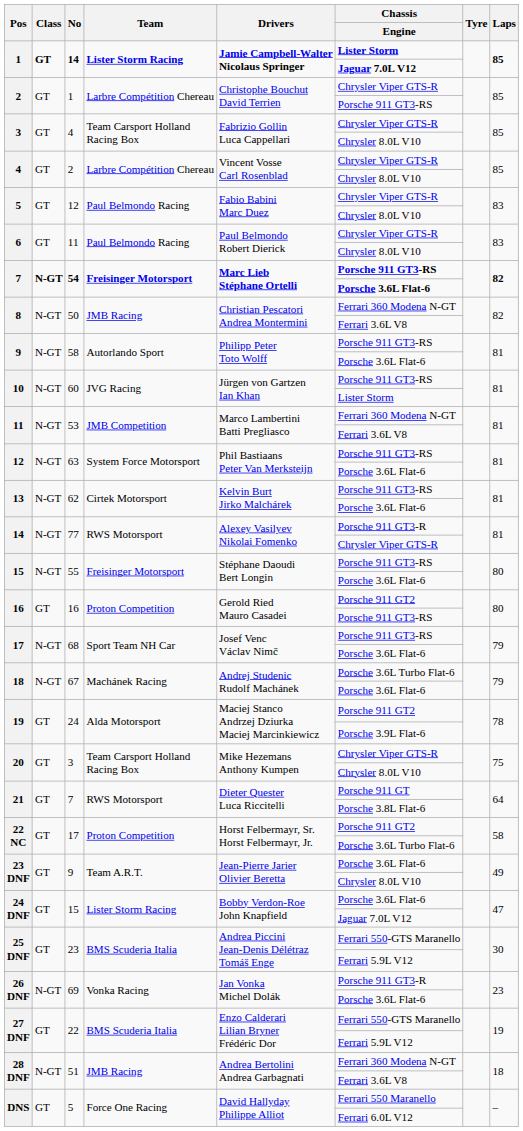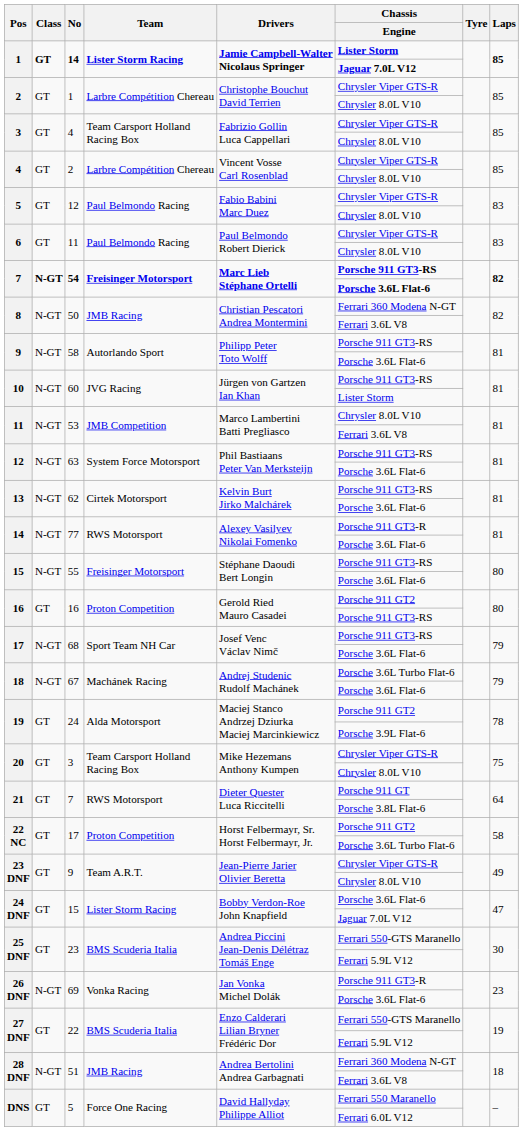 <table class="wikitable" style="font-size: 95%;">
 <tr>
 <th rowspan=2>Pos</th>
 <th rowspan=2>Class</th>
 <th rowspan=2>No</th>
 <th rowspan=2>Team</th>
 <th rowspan=2>Drivers</th>
 <th>Chassis</th>
 <th rowspan=2>Tyre</th>
 <th rowspan=2>Laps</th>
 </tr>
 <tr>
 <th>Engine</th>
 </tr>
 <tr style="font-weight:bold">
 <th rowspan=2>1</th>
 <td rowspan=2>GT</td>
 <td rowspan=2>14</td>
 <td rowspan=2> <a href='#'>Lister Storm Racing</a></td>
 <td rowspan=2> <a href='#'>Jamie Campbell-Walter</a><br> Nicolaus Springer</td>
 <td><a href='#'>Lister Storm</a></td>
 <td rowspan=2></td>
 <td rowspan=2>85</td>
 </tr>
 <tr style="font-weight:bold">
 <td><a href='#'>Jaguar</a> 7.0L V12</td>
 </tr>
 <tr>
 <th rowspan=2>2</th>
 <td rowspan=2>GT</td>
 <td rowspan=2>1</td>
 <td rowspan=2> <a href='#'>Larbre Compétition</a> Chereau</td>
 <td rowspan=2> <a href='#'>Christophe Bouchut</a><br> <a href='#'>David Terrien</a></td>
 <td><a href='#'>Chrysler Viper GTS-R</a></td>
 <td rowspan=2></td>
 <td rowspan=2>85</td>
 </tr>
 <tr>
-<td><a href='#'>Porsche 911 GT3</a>-RS</td>
+<td><a href='#'>Chrysler</a> 8.0L V10</td>
 </tr>
 <tr>
 <th rowspan=2>3</th>
 <td rowspan=2>GT</td>
 <td rowspan=2>4</td>
 <td rowspan=2> Team Carsport Holland<br> Racing Box</td>
 <td rowspan=2> <a href='#'>Fabrizio Gollin</a><br> Luca Cappellari</td>
 <td><a href='#'>Chrysler Viper GTS-R</a></td>
 <td rowspan=2></td>
 <td rowspan=2>85</td>
 </tr>
 <tr>
 <td><a href='#'>Chrysler</a> 8.0L V10</td>
 </tr>
 <tr>
 <th rowspan=2>4</th>
 <td rowspan=2>GT</td>
 <td rowspan=2>2</td>
 <td rowspan=2> <a href='#'>Larbre Compétition</a> Chereau</td>
 <td rowspan=2> Vincent Vosse<br> <a href='#'>Carl Rosenblad</a></td>
 <td><a href='#'>Chrysler Viper GTS-R</a></td>
 <td rowspan=2></td>
 <td rowspan=2>85</td>
 </tr>
 <tr>
 <td><a href='#'>Chrysler</a> 8.0L V10</td>
 </tr>
 <tr>
 <th rowspan=2>5</th>
 <td rowspan=2>GT</td>
 <td rowspan=2>12</td>
 <td rowspan=2> <a href='#'>Paul Belmondo</a> Racing</td>
 <td rowspan=2> <a href='#'>Fabio Babini</a><br> <a href='#'>Marc Duez</a></td>
 <td><a href='#'>Chrysler Viper GTS-R</a></td>
 <td rowspan=2></td>
 <td rowspan=2>83</td>
 </tr>
 <tr>
 <td><a href='#'>Chrysler</a> 8.0L V10</td>
 </tr>
 <tr>
 <th rowspan=2>6</th>
 <td rowspan=2>GT</td>
 <td rowspan=2>11</td>
 <td rowspan=2> <a href='#'>Paul Belmondo</a> Racing</td>
 <td rowspan=2> <a href='#'>Paul Belmondo</a><br> Robert Dierick</td>
 <td><a href='#'>Chrysler Viper GTS-R</a></td>
 <td rowspan=2></td>
 <td rowspan=2>83</td>
 </tr>
 <tr>
 <td><a href='#'>Chrysler</a> 8.0L V10</td>
 </tr>
 <tr style="font-weight:bold">
 <th rowspan=2>7</th>
 <td rowspan=2>N-GT</td>
 <td rowspan=2>54</td>
 <td rowspan=2> <a href='#'>Freisinger Motorsport</a></td>
 <td rowspan=2> <a href='#'>Marc Lieb</a><br> <a href='#'>Stéphane Ortelli</a></td>
 <td><a href='#'>Porsche 911 GT3</a>-RS</td>
 <td rowspan=2></td>
 <td rowspan=2>82</td>
 </tr>
 <tr style="font-weight:bold">
 <td><a href='#'>Porsche</a> 3.6L Flat-6</td>
 </tr>
 <tr>
 <th rowspan=2>8</th>
 <td rowspan=2>N-GT</td>
 <td rowspan=2>50</td>
 <td rowspan=2> <a href='#'>JMB Racing</a></td>
 <td rowspan=2> <a href='#'>Christian Pescatori</a><br> <a href='#'>Andrea Montermini</a></td>
 <td><a href='#'>Ferrari 360 Modena</a> N-GT</td>
 <td rowspan=2></td>
 <td rowspan=2>82</td>
 </tr>
 <tr>
 <td><a href='#'>Ferrari</a> 3.6L V8</td>
 </tr>
 <tr>
 <th rowspan=2>9</th>
 <td rowspan=2>N-GT</td>
 <td rowspan=2>58</td>
 <td rowspan=2> Autorlando Sport</td>
 <td rowspan=2> <a href='#'>Philipp Peter</a><br> <a href='#'>Toto Wolff</a></td>
 <td><a href='#'>Porsche 911 GT3</a>-RS</td>
 <td rowspan=2></td>
 <td rowspan=2>81</td>
 </tr>
 <tr>
 <td><a href='#'>Porsche</a> 3.6L Flat-6</td>
 </tr>
 <tr>
 <th rowspan=2>10</th>
 <td rowspan=2>N-GT</td>
 <td rowspan=2>60</td>
 <td rowspan=2> JVG Racing</td>
 <td rowspan=2> Jürgen von Gartzen<br> <a href='#'>Ian Khan</a></td>
 <td><a href='#'>Porsche 911 GT3</a>-RS</td>
 <td rowspan=2></td>
 <td rowspan=2>81</td>
 </tr>
 <tr>
 <td><a href='#'>Lister Storm</a></td>
 </tr>
 <tr>
 <th rowspan=2>11</th>
 <td rowspan=2>N-GT</td>
 <td rowspan=2>53</td>
 <td rowspan=2> <a href='#'>JMB Competition</a></td>
 <td rowspan=2> Marco Lambertini<br> Batti Pregliasco</td>
-<td><a href='#'>Ferrari 360 Modena</a> N-GT</td>
+<td><a href='#'>Chrysler</a> 8.0L V10</td>
 <td rowspan=2></td>
 <td rowspan=2>81</td>
 </tr>
 <tr>
 <td><a href='#'>Ferrari</a> 3.6L V8</td>
 </tr>
 <tr>
 <th rowspan=2>12</th>
 <td rowspan=2>N-GT</td>
 <td rowspan=2>63</td>
 <td rowspan=2> System Force Motorsport</td>
 <td rowspan=2> Phil Bastiaans<br> <a href='#'>Peter Van Merksteijn</a></td>
 <td><a href='#'>Porsche 911 GT3</a>-RS</td>
 <td rowspan=2></td>
 <td rowspan=2>81</td>
 </tr>
 <tr>
 <td><a href='#'>Porsche</a> 3.6L Flat-6</td>
 </tr>
 <tr>
 <th rowspan=2>13</th>
 <td rowspan=2>N-GT</td>
 <td rowspan=2>62</td>
 <td rowspan=2> Cirtek Motorsport</td>
 <td rowspan=2> <a href='#'>Kelvin Burt</a><br> <a href='#'>Jirko Malchárek</a></td>
 <td><a href='#'>Porsche 911 GT3</a>-RS</td>
 <td rowspan=2></td>
 <td rowspan=2>81</td>
 </tr>
 <tr>
 <td><a href='#'>Porsche</a> 3.6L Flat-6</td>
 </tr>
 <tr>
 <th rowspan=2>14</th>
 <td rowspan=2>N-GT</td>
 <td rowspan=2>77</td>
 <td rowspan=2> RWS Motorsport</td>
 <td rowspan=2> <a href='#'>Alexey Vasilyev</a><br> <a href='#'>Nikolai Fomenko</a></td>
 <td><a href='#'>Porsche 911 GT3</a>-R</td>
 <td rowspan=2></td>
 <td rowspan=2>81</td>
 </tr>
 <tr>
-<td><a href='#'>Chrysler Viper GTS-R</a></td>
+<td><a href='#'>Porsche</a> 3.6L Flat-6</td>
 </tr>
 <tr>
 <th rowspan=2>15</th>
 <td rowspan=2>N-GT</td>
 <td rowspan=2>55</td>
 <td rowspan=2> <a href='#'>Freisinger Motorsport</a></td>
 <td rowspan=2> Stéphane Daoudi<br> Bert Longin</td>
 <td><a href='#'>Porsche 911 GT3</a>-RS</td>
 <td rowspan=2></td>
 <td rowspan=2>80</td>
 </tr>
 <tr>
 <td><a href='#'>Porsche</a> 3.6L Flat-6</td>
 </tr>
 <tr>
 <th rowspan=2>16</th>
 <td rowspan=2>GT</td>
 <td rowspan=2>16</td>
 <td rowspan=2> <a href='#'>Proton Competition</a></td>
 <td rowspan=2> Gerold Ried<br> Mauro Casadei</td>
 <td><a href='#'>Porsche 911 GT2</a></td>
 <td rowspan=2></td>
 <td rowspan=2>80</td>
 </tr>
 <tr>
 <td><a href='#'>Porsche 911 GT3</a>-RS</td>
 </tr>
 <tr>
 <th rowspan=2>17</th>
 <td rowspan=2>N-GT</td>
 <td rowspan=2>68</td>
 <td rowspan=2> Sport Team NH Car</td>
 <td rowspan=2> Josef Venc<br> Václav Nimč</td>
 <td><a href='#'>Porsche 911 GT3</a>-RS</td>
 <td rowspan=2></td>
 <td rowspan=2>79</td>
 </tr>
 <tr>
 <td><a href='#'>Porsche</a> 3.6L Flat-6</td>
 </tr>
 <tr>
 <th rowspan=2>18</th>
 <td rowspan=2>N-GT</td>
 <td rowspan=2>67</td>
 <td rowspan=2> Machánek Racing</td>
 <td rowspan=2> <a href='#'>Andrej Studenic</a><br> Rudolf Machánek</td>
 <td><a href='#'>Porsche</a> 3.6L Turbo Flat-6</td>
 <td rowspan=2></td>
 <td rowspan=2>79</td>
 </tr>
 <tr>
 <td><a href='#'>Porsche</a> 3.6L Flat-6</td>
 </tr>
 <tr>
 <th rowspan=2>19</th>
 <td rowspan=2>GT</td>
 <td rowspan=2>24</td>
 <td rowspan=2> Alda Motorsport</td>
 <td rowspan=2> Maciej Stanco<br> Andrzej Dziurka<br> Maciej Marcinkiewicz</td>
 <td><a href='#'>Porsche 911 GT2</a></td>
 <td rowspan=2></td>
 <td rowspan=2>78</td>
 </tr>
 <tr>
 <td><a href='#'>Porsche</a> 3.9L Flat-6</td>
 </tr>
 <tr>
 <th rowspan=2>20</th>
 <td rowspan=2>GT</td>
 <td rowspan=2>3</td>
 <td rowspan=2> Team Carsport Holland<br> Racing Box</td>
 <td rowspan=2> Mike Hezemans<br> Anthony Kumpen</td>
 <td><a href='#'>Chrysler Viper GTS-R</a></td>
 <td rowspan=2></td>
 <td rowspan=2>75</td>
 </tr>
 <tr>
 <td><a href='#'>Chrysler</a> 8.0L V10</td>
 </tr>
 <tr>
 <th rowspan=2>21</th>
 <td rowspan=2>GT</td>
 <td rowspan=2>7</td>
 <td rowspan=2> RWS Motorsport</td>
 <td rowspan=2> <a href='#'>Dieter Quester</a><br> Luca Riccitelli</td>
 <td><a href='#'>Porsche 911 GT</a></td>
 <td rowspan=2></td>
 <td rowspan=2>64</td>
 </tr>
 <tr>
 <td><a href='#'>Porsche</a> 3.8L Flat-6</td>
 </tr>
 <tr>
 <th rowspan=2>22<br>NC</th>
 <td rowspan=2>GT</td>
 <td rowspan=2>17</td>
 <td rowspan=2> <a href='#'>Proton Competition</a></td>
 <td rowspan=2> Horst Felbermayr, Sr.<br> Horst Felbermayr, Jr.</td>
 <td><a href='#'>Porsche 911 GT2</a></td>
 <td rowspan=2></td>
 <td rowspan=2>58</td>
 </tr>
 <tr>
 <td><a href='#'>Porsche</a> 3.6L Turbo Flat-6</td>
 </tr>
 <tr>
 <th rowspan=2>23<br>DNF</th>
 <td rowspan=2>GT</td>
 <td rowspan=2>9</td>
 <td rowspan=2> Team A.R.T.</td>
 <td rowspan=2> <a href='#'>Jean-Pierre Jarier</a><br> <a href='#'>Olivier Beretta</a></td>
-<td><a href='#'>Porsche</a> 3.6L Flat-6</td>
+<td><a href='#'>Chrysler Viper GTS-R</a></td>
 <td rowspan=2></td>
 <td rowspan=2>49</td>
 </tr>
 <tr>
 <td><a href='#'>Chrysler</a> 8.0L V10</td>
 </tr>
 <tr>
 <th rowspan=2>24<br>DNF</th>
 <td rowspan=2>GT</td>
 <td rowspan=2>15</td>
 <td rowspan=2> <a href='#'>Lister Storm Racing</a></td>
 <td rowspan=2> <a href='#'>Bobby Verdon-Roe</a><br> John Knapfield</td>
 <td><a href='#'>Porsche</a> 3.6L Flat-6</td>
 <td rowspan=2></td>
 <td rowspan=2>47</td>
 </tr>
 <tr>
 <td><a href='#'>Jaguar</a> 7.0L V12</td>
 </tr>
 <tr>
 <th rowspan=2>25<br>DNF</th>
 <td rowspan=2>GT</td>
 <td rowspan=2>23</td>
 <td rowspan=2> <a href='#'>BMS Scuderia Italia</a></td>
 <td rowspan=2> <a href='#'>Andrea Piccini</a><br> <a href='#'>Jean-Denis Délétraz</a><br> <a href='#'>Tomáš Enge</a></td>
 <td><a href='#'>Ferrari 550</a>-GTS Maranello</td>
 <td rowspan=2></td>
 <td rowspan=2>30</td>
 </tr>
 <tr>
 <td><a href='#'>Ferrari</a> 5.9L V12</td>
 </tr>
 <tr>
 <th rowspan=2>26<br>DNF</th>
 <td rowspan=2>N-GT</td>
 <td rowspan=2>69</td>
 <td rowspan=2> Vonka Racing</td>
 <td rowspan=2> <a href='#'>Jan Vonka</a><br> Michel Dolák</td>
 <td><a href='#'>Porsche 911 GT3</a>-R</td>
 <td rowspan=2></td>
 <td rowspan=2>23</td>
 </tr>
 <tr>
 <td><a href='#'>Porsche</a> 3.6L Flat-6</td>
 </tr>
 <tr>
 <th rowspan=2>27<br>DNF</th>
 <td rowspan=2>GT</td>
 <td rowspan=2>22</td>
 <td rowspan=2> <a href='#'>BMS Scuderia Italia</a></td>
 <td rowspan=2> <a href='#'>Enzo Calderari</a><br> <a href='#'>Lilian Bryner</a><br> Frédéric Dor</td>
 <td><a href='#'>Ferrari 550</a>-GTS Maranello</td>
 <td rowspan=2></td>
 <td rowspan=2>19</td>
 </tr>
 <tr>
 <td><a href='#'>Ferrari</a> 5.9L V12</td>
 </tr>
 <tr>
 <th rowspan=2>28<br>DNF</th>
 <td rowspan=2>N-GT</td>
 <td rowspan=2>51</td>
 <td rowspan=2> <a href='#'>JMB Racing</a></td>
 <td rowspan=2> <a href='#'>Andrea Bertolini</a><br> Andrea Garbagnati</td>
 <td><a href='#'>Ferrari 360 Modena</a> N-GT</td>
 <td rowspan=2></td>
 <td rowspan=2>18</td>
 </tr>
 <tr>
 <td><a href='#'>Ferrari</a> 3.6L V8</td>
 </tr>
 <tr>
 <th rowspan=2>DNS</th>
 <td rowspan=2>GT</td>
 <td rowspan=2>5</td>
 <td rowspan=2> Force One Racing</td>
 <td rowspan=2> <a href='#'>David Hallyday</a><br> <a href='#'>Philippe Alliot</a></td>
 <td><a href='#'>Ferrari 550 Maranello</a></td>
 <td rowspan=2></td>
 <td rowspan=2>–</td>
 </tr>
 <tr>
 <td><a href='#'>Ferrari</a> 6.0L V12</td>
 </tr>
 </table>
